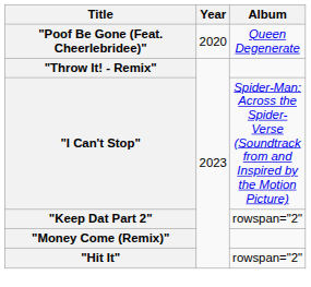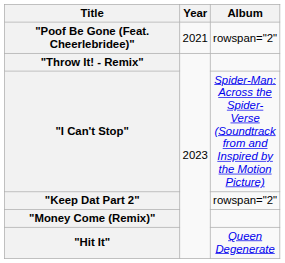 <table class="wikitable plainrowheaders" style="text-align:center">
 <tr>
 <th scope="col" style="width:15em;">Title</th>
 <th scope="col">Year</th>
 <th scope="col" width="1">Album</th>
 </tr>
 <tr>
 <th scope="row">"Poof Be Gone (Feat. Cheerlebridee)" <br></th>
-<td>2020</td>
-<td><em><a href='#'>Queen Degenerate</a></em></td>
+<td>2021</td>
+<td>rowspan="2" </td>
 </tr>
 <tr>
 <th scope="row">"Throw It! - Remix" <br></th>
 <td rowspan="5">2023</td>
 </tr>
 <tr>
 <th scope="row">"I Can't Stop" <br></th>
 <td><em><a href='#'>Spider-Man: Across the Spider-Verse (Soundtrack from and Inspired by the Motion Picture)</a></em></td>
 </tr>
 <tr>
 <th scope="row">"Keep Dat Part 2" <br></th>
 <td>rowspan="2" </td>
 </tr>
 <tr>
 <th scope="row">"Money Come (Remix)"<br></th>
 </tr>
 <tr>
 <th scope="row">"Hit It"<br></th>
-<td>rowspan="2" </td>
+<td><em><a href='#'>Queen Degenerate</a></em></td>
 </tr>
 </table>
